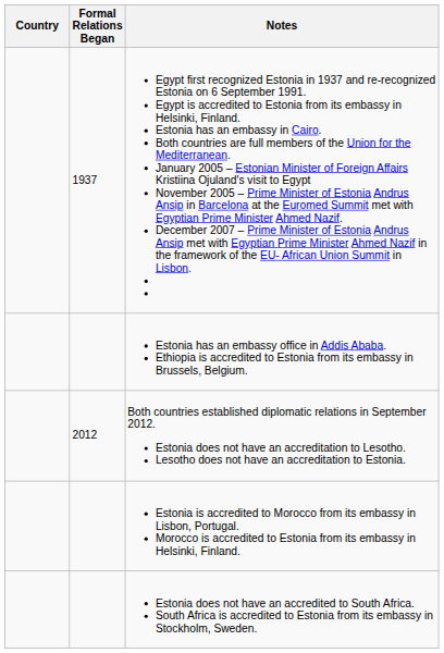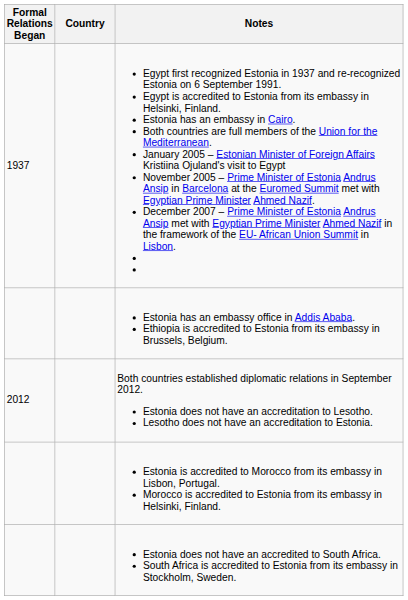 <table class="wikitable sortable" border="1" style="width:100%; margin:auto;">
 <tr>
+<th width="12%">Formal Relations Began</th>
 <th width="15%">Country</th>
-<th width="12%">Formal Relations Began</th>
 <th>Notes</th>
 </tr>
 <tr -valign="top">
+<td>1937</td>
 <td></td>
-<td>1937</td>
 <td><br><ul><li>Egypt first recognized Estonia in 1937 and re-recognized Estonia on 6 September 1991.</li><li>Egypt is accredited to Estonia from its embassy in Helsinki, Finland.</li><li>Estonia has an embassy in <a href='#'>Cairo</a>.</li><li>Both countries are full members of the <a href='#'>Union for the Mediterranean</a>.</li><li>January 2005 – <a href='#'>Estonian Minister of Foreign Affairs</a> Kristiina Ojuland's visit to Egypt</li><li>November 2005 – <a href='#'>Prime Minister of Estonia</a> <a href='#'>Andrus Ansip</a> in <a href='#'>Barcelona</a> at the <a href='#'>Euromed Summit</a> met with <a href='#'>Egyptian Prime Minister</a> <a href='#'>Ahmed Nazif</a>.</li><li>December 2007 – <a href='#'>Prime Minister of Estonia</a> <a href='#'>Andrus Ansip</a> met with <a href='#'>Egyptian Prime Minister</a> <a href='#'>Ahmed Nazif</a> in the framework of the <a href='#'>EU- African Union Summit</a> in <a href='#'>Lisbon</a>.</li><li></li><li></li></ul></td>
 </tr>
 <tr -valign="top">
+<td> </td>
 <td></td>
-<td> </td>
 <td><br><ul><li>Estonia has an embassy office in <a href='#'>Addis Ababa</a>.</li><li>Ethiopia is accredited to Estonia from its embassy in Brussels, Belgium.</li></ul></td>
 </tr>
 <tr -valign="top">
+<td>2012</td>
 <td></td>
-<td>2012</td>
 <td><br>Both countries established diplomatic relations in September 2012.<ul><li>Estonia does not have an accreditation to Lesotho.</li><li>Lesotho does not have an accreditation to Estonia.</li></ul></td>
 </tr>
 <tr -valign="top">
+<td> </td>
 <td></td>
-<td> </td>
 <td><br><ul><li>Estonia is accredited to Morocco from its embassy in Lisbon, Portugal.</li><li>Morocco is accredited to Estonia from its embassy in Helsinki, Finland.</li></ul></td>
 </tr>
 <tr -valign="top">
 <td></td>
 <td></td>
 <td><br><ul><li>Estonia does not have an accredited to South Africa.</li><li>South Africa is accredited to Estonia from its embassy in Stockholm, Sweden.</li></ul></td>
 </tr>
 </table>
